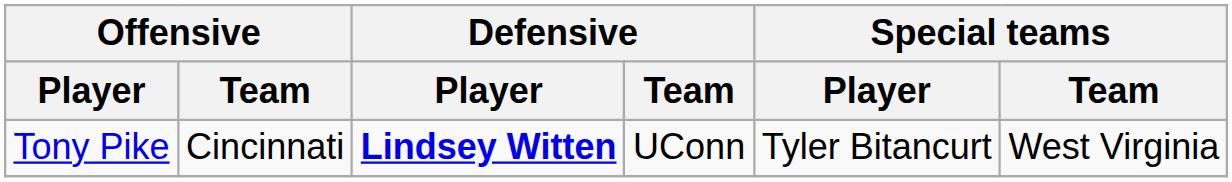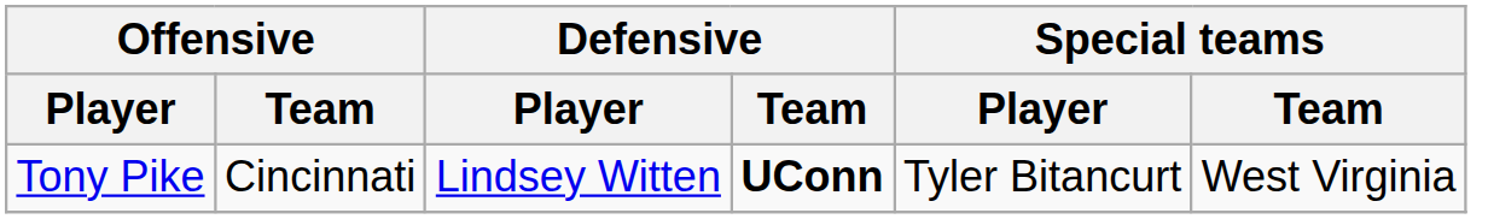 <table class="wikitable" border="1">
 <tr>
 <th colspan="2">Offensive</th>
 <th colspan="2">Defensive</th>
 <th colspan="2">Special teams</th>
 </tr>
 <tr>
 <th>Player</th>
 <th>Team</th>
 <th>Player</th>
 <th>Team</th>
 <th>Player</th>
 <th>Team</th>
 </tr>
 <tr>
 <td><a href='#'>Tony Pike</a></td>
 <td>Cincinnati</td>
-<td><strong><a href='#'>Lindsey Witten</a></strong></td>
-<td>UConn</td>
+<td><a href='#'>Lindsey Witten</a></td>
+<td><strong>UConn</strong></td>
 <td>Tyler Bitancurt</td>
 <td>West Virginia</td>
 </tr>
 <tr>
 </tr>
 </table>
